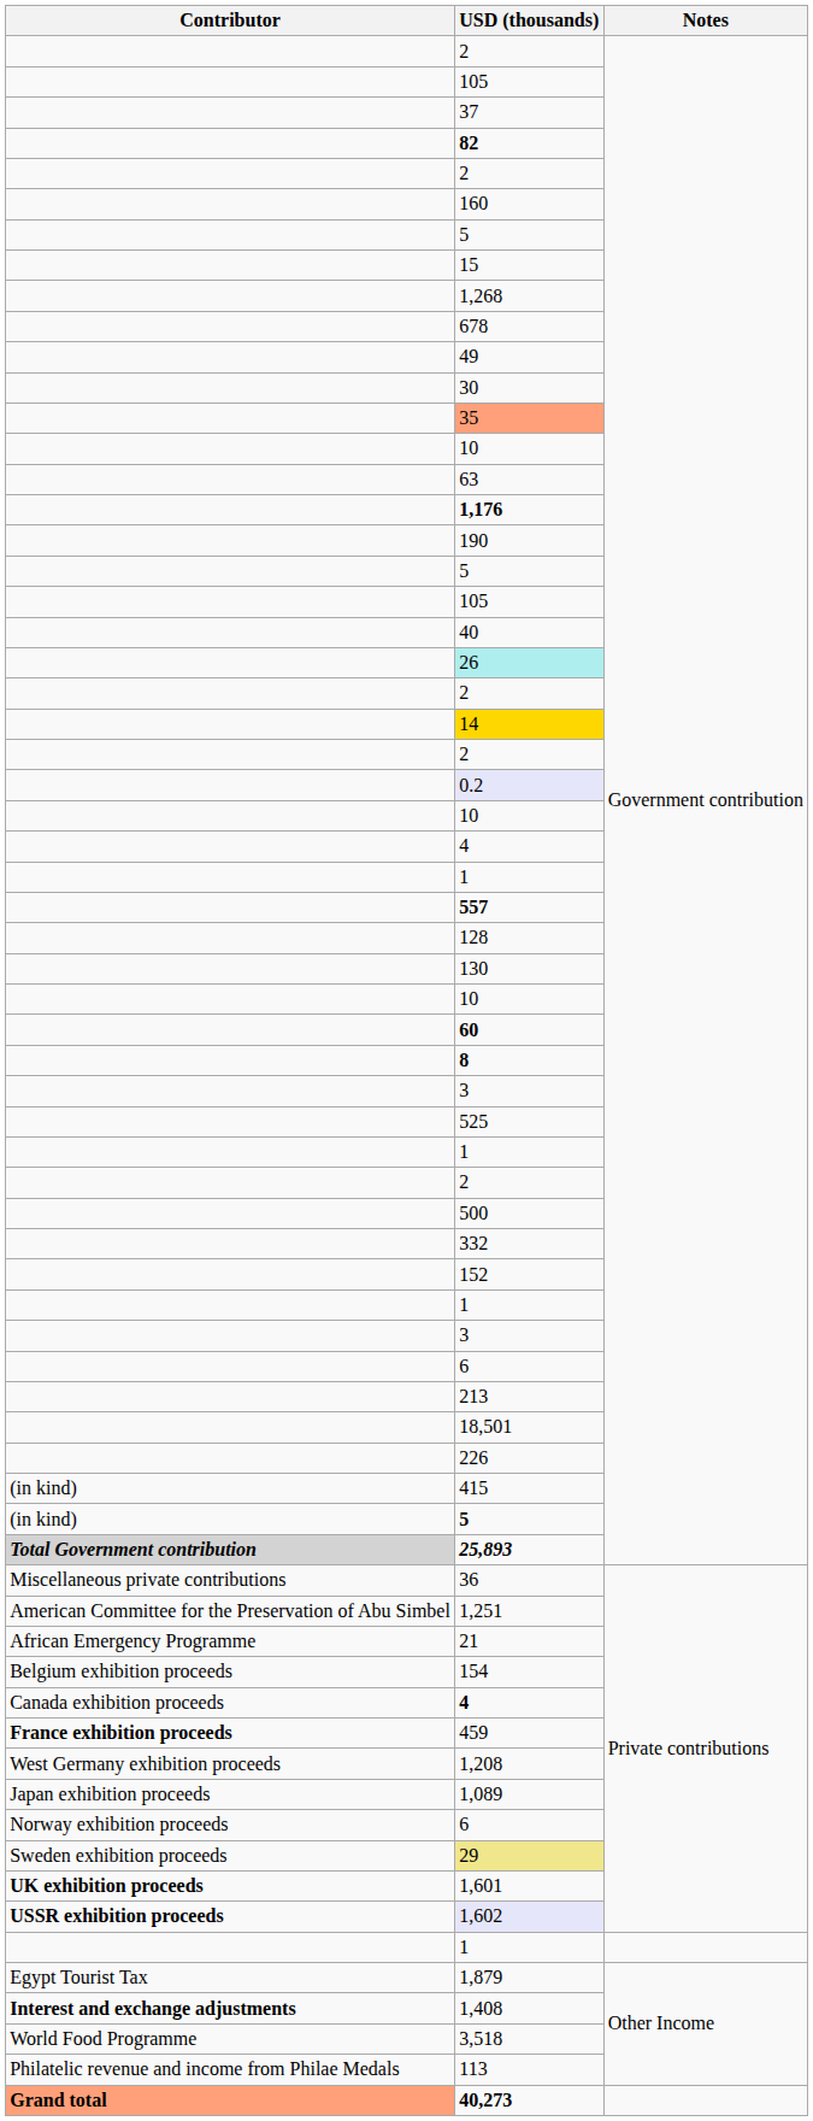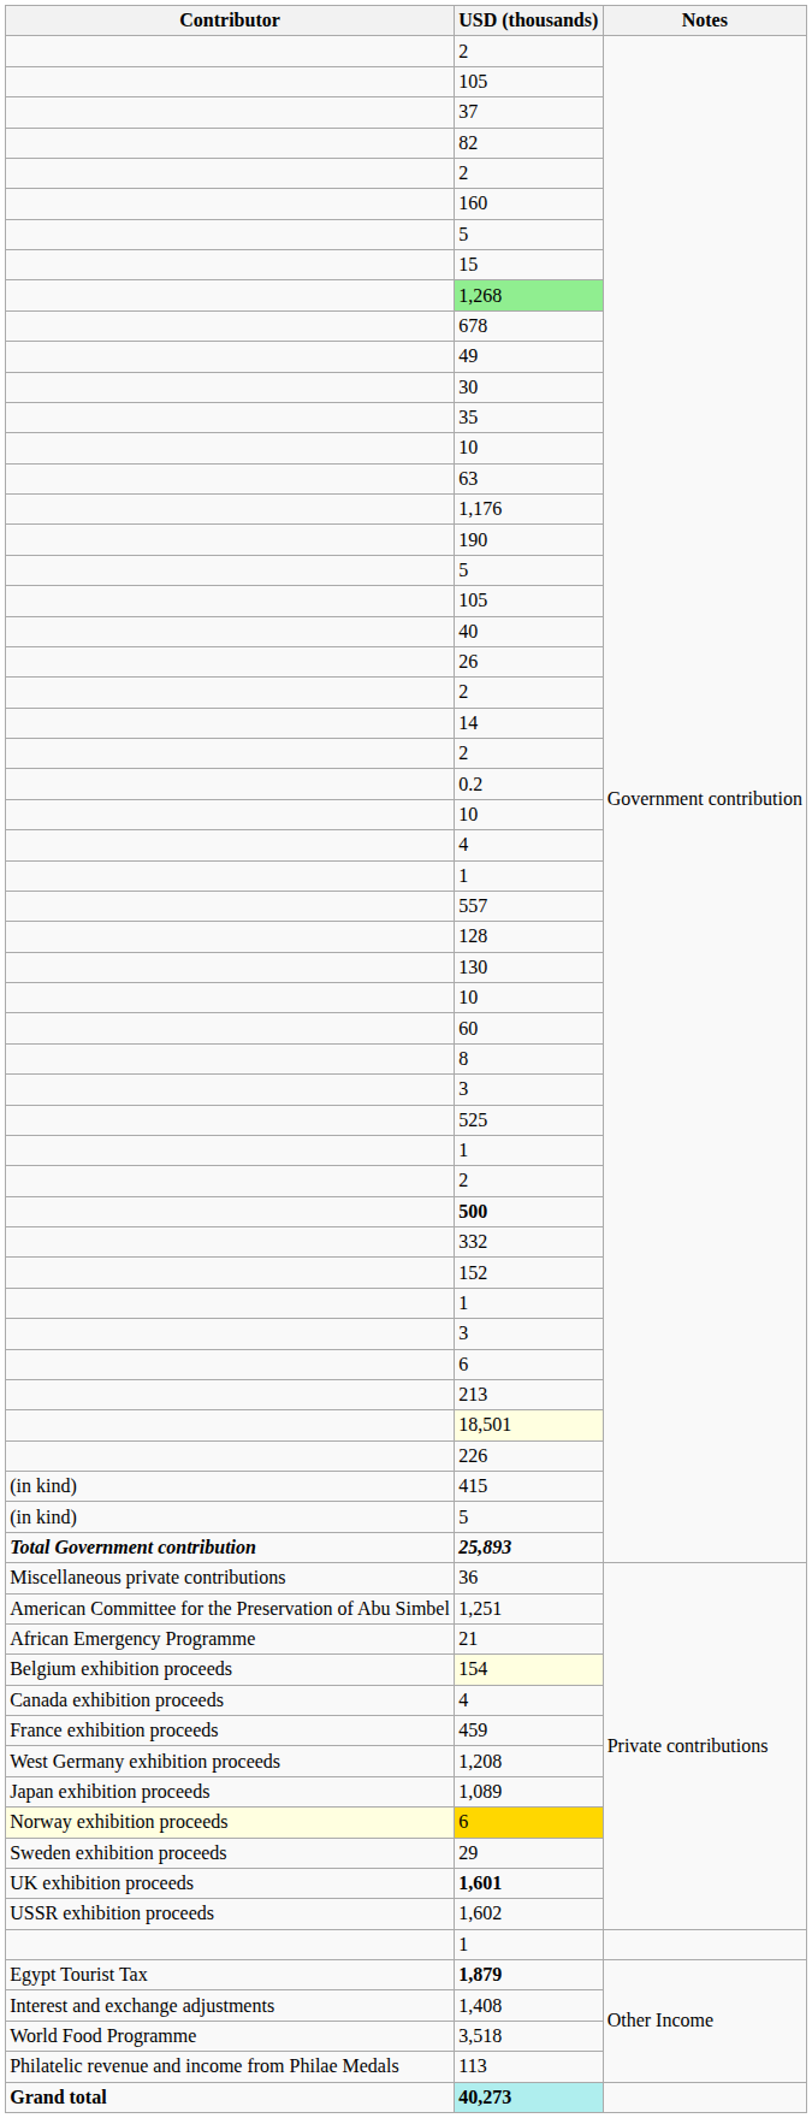 <table class="wikitable sortable mw-collapsible mw-collapsed">
 <tr>
 <th>Contributor</th>
 <th>USD (thousands)</th>
 <th>Notes</th>
 </tr>
 <tr>
 <td></td>
 <td>2</td>
 <td rowspan="50">Government contribution</td>
 </tr>
 <tr>
 <td></td>
 <td>105</td>
 </tr>
 <tr>
 <td></td>
 <td>37</td>
 </tr>
 <tr>
 <td></td>
-<td><strong>82</strong></td>
+<td>82</td>
 </tr>
 <tr>
 <td></td>
 <td>2</td>
 </tr>
 <tr>
 <td></td>
 <td>160</td>
 </tr>
 <tr>
 <td></td>
 <td>5</td>
 </tr>
 <tr>
 <td></td>
 <td>15</td>
 </tr>
 <tr>
 <td></td>
-<td>1,268</td>
+<td style="background: lightgreen;">1,268</td>
 </tr>
 <tr>
 <td></td>
 <td>678</td>
 </tr>
 <tr>
 <td></td>
 <td>49</td>
 </tr>
 <tr>
 <td></td>
 <td>30</td>
 </tr>
 <tr>
 <td></td>
-<td style="background: lightsalmon;">35</td>
+<td>35</td>
 </tr>
 <tr>
 <td></td>
 <td>10</td>
 </tr>
 <tr>
 <td></td>
 <td>63</td>
 </tr>
 <tr>
 <td></td>
-<td><strong>1,176</strong></td>
+<td>1,176</td>
 </tr>
 <tr>
 <td></td>
 <td>190</td>
 </tr>
 <tr>
 <td></td>
 <td>5</td>
 </tr>
 <tr>
 <td></td>
 <td>105</td>
 </tr>
 <tr>
 <td></td>
 <td>40</td>
 </tr>
 <tr>
 <td></td>
-<td style="background: paleturquoise;">26</td>
+<td>26</td>
 </tr>
 <tr>
 <td></td>
 <td>2</td>
 </tr>
 <tr>
 <td></td>
-<td style="background: gold;">14</td>
+<td>14</td>
 </tr>
 <tr>
 <td></td>
 <td>2</td>
 </tr>
 <tr>
 <td></td>
-<td style="background: lavender;">0.2</td>
+<td>0.2</td>
 </tr>
 <tr>
 <td></td>
 <td>10</td>
 </tr>
 <tr>
 <td></td>
 <td>4</td>
 </tr>
 <tr>
 <td></td>
 <td>1</td>
 </tr>
 <tr>
 <td></td>
-<td><strong>557</strong></td>
+<td>557</td>
 </tr>
 <tr>
 <td></td>
 <td>128</td>
 </tr>
 <tr>
 <td></td>
 <td>130</td>
 </tr>
 <tr>
 <td></td>
 <td>10</td>
 </tr>
 <tr>
 <td></td>
-<td><strong>60</strong></td>
+<td>60</td>
 </tr>
 <tr>
 <td></td>
-<td><strong>8</strong></td>
+<td>8</td>
 </tr>
 <tr>
 <td></td>
 <td>3</td>
 </tr>
 <tr>
 <td></td>
 <td>525</td>
 </tr>
 <tr>
 <td></td>
 <td>1</td>
 </tr>
 <tr>
 <td></td>
 <td>2</td>
 </tr>
 <tr>
 <td></td>
-<td>500</td>
+<td><strong>500</strong></td>
 </tr>
 <tr>
 <td></td>
 <td>332</td>
 </tr>
 <tr>
 <td></td>
 <td>152</td>
 </tr>
 <tr>
 <td></td>
 <td>1</td>
 </tr>
 <tr>
 <td></td>
 <td>3</td>
 </tr>
 <tr>
 <td></td>
 <td>6</td>
 </tr>
 <tr>
 <td></td>
 <td>213</td>
 </tr>
 <tr>
 <td></td>
-<td>18,501</td>
+<td style="background: lightyellow;">18,501</td>
 </tr>
 <tr>
 <td></td>
 <td>226</td>
 </tr>
 <tr>
 <td> (in kind)</td>
 <td>415</td>
 </tr>
 <tr>
 <td> (in kind)</td>
-<td><strong>5</strong></td>
+<td>5</td>
 </tr>
 <tr>
-<td style="background: lightgrey;"><strong><em>Total Government contribution</em></strong></td>
+<td><strong><em>Total Government contribution</em></strong></td>
 <td><strong><em>25,893</em></strong></td>
 </tr>
 <tr>
 <td>Miscellaneous private contributions</td>
 <td>36</td>
 <td rowspan="12">Private contributions</td>
 </tr>
 <tr>
 <td>American Committee for the Preservation of Abu Simbel</td>
 <td>1,251</td>
 </tr>
 <tr>
 <td>African Emergency Programme</td>
 <td>21</td>
 </tr>
 <tr>
 <td>Belgium exhibition proceeds</td>
-<td>154</td>
+<td style="background: lightyellow;">154</td>
 </tr>
 <tr>
 <td>Canada exhibition proceeds</td>
-<td><strong>4</strong></td>
+<td>4</td>
 </tr>
 <tr>
-<td><strong>France exhibition proceeds</strong></td>
+<td>France exhibition proceeds</td>
 <td>459</td>
 </tr>
 <tr>
 <td>West Germany exhibition proceeds</td>
 <td>1,208</td>
 </tr>
 <tr>
 <td>Japan exhibition proceeds</td>
 <td>1,089</td>
 </tr>
 <tr>
-<td>Norway exhibition proceeds</td>
-<td>6</td>
+<td style="background: lightyellow;">Norway exhibition proceeds</td>
+<td style="background: gold;">6</td>
 </tr>
 <tr>
 <td>Sweden exhibition proceeds</td>
-<td style="background: khaki;">29</td>
+<td>29</td>
 </tr>
 <tr>
-<td><strong>UK exhibition proceeds</strong></td>
-<td>1,601</td>
+<td>UK exhibition proceeds</td>
+<td><strong>1,601</strong></td>
 </tr>
 <tr>
-<td><strong>USSR exhibition proceeds</strong></td>
-<td style="background: lavender;">1,602</td>
+<td>USSR exhibition proceeds</td>
+<td>1,602</td>
 </tr>
 <tr>
 <td></td>
 <td>1</td>
 <td></td>
 </tr>
 <tr>
 <td>Egypt Tourist Tax</td>
-<td>1,879</td>
+<td><strong>1,879</strong></td>
 <td rowspan="4">Other Income</td>
 </tr>
 <tr>
-<td><strong>Interest and exchange adjustments</strong></td>
+<td>Interest and exchange adjustments</td>
 <td>1,408</td>
 </tr>
 <tr>
 <td>World Food Programme</td>
 <td>3,518</td>
 </tr>
 <tr>
 <td>Philatelic revenue and income from Philae Medals</td>
 <td>113</td>
 </tr>
 <tr>
-<td style="background: lightsalmon;"><strong>Grand total</strong></td>
-<td><strong>40,273</strong></td>
+<td><strong>Grand total</strong></td>
+<td style="background: paleturquoise;"><strong>40,273</strong></td>
 <td></td>
 </tr>
 </table>
